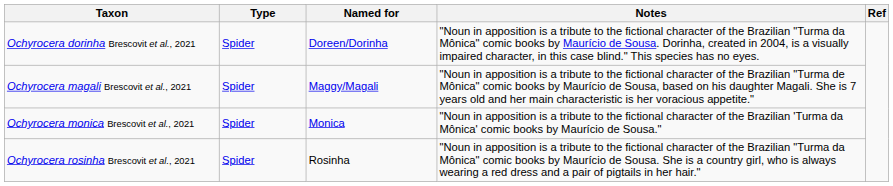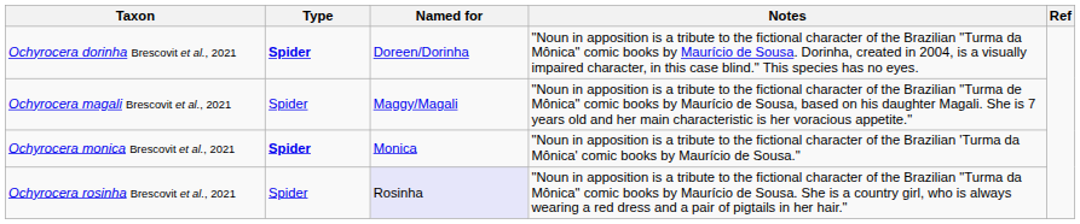 <table class="wikitable sortable" width="100%">
 <tr>
 <th style="width:25%;">Taxon</th>
 <th style="width:10%;">Type</th>
 <th style="width:15%;">Named for</th>
 <th style="width:50%;">Notes</th>
 <th class="unsortable">Ref</th>
 </tr>
 <tr>
 <td><em><a href='#'>Ochyrocera dorinha</a></em> <small>Brescovit <em>et al.</em>, 2021</small></td>
-<td><a href='#'>Spider</a></td>
+<td><strong><a href='#'>Spider</a></strong></td>
 <td><a href='#'>Doreen/Dorinha</a></td>
 <td>"Noun in apposition is a tribute to the fictional character of the Brazilian "Turma da Mônica" comic books by <a href='#'>Maurício de Sousa</a>. Dorinha, created in 2004, is a visually impaired character, in this case blind." This species has no eyes.</td>
 <td rowspan="4"></td>
 </tr>
 <tr>
 <td><em><a href='#'>Ochyrocera magali</a></em> <small>Brescovit <em>et al.</em>, 2021</small></td>
 <td><a href='#'>Spider</a></td>
 <td><a href='#'>Maggy/Magali</a></td>
 <td>"Noun in apposition is a tribute to the fictional character of the Brazilian "Turma de Mônica" comic books by Maurício de Sousa, based on his daughter Magali. She is 7 years old and her main characteristic is her voracious appetite."</td>
 </tr>
 <tr>
 <td><em><a href='#'>Ochyrocera monica</a></em> <small>Brescovit <em>et al.</em>, 2021</small></td>
-<td><a href='#'>Spider</a></td>
+<td><strong><a href='#'>Spider</a></strong></td>
 <td><a href='#'>Monica</a></td>
 <td>"Noun in apposition is a tribute to the fictional character of the Brazilian 'Turma da Mônica' comic books by Maurício de Sousa."</td>
 </tr>
 <tr>
 <td><em><a href='#'>Ochyrocera rosinha</a></em> <small>Brescovit <em>et al.</em>, 2021</small></td>
 <td><a href='#'>Spider</a></td>
-<td>Rosinha</td>
+<td style="background: lavender;">Rosinha</td>
 <td>"Noun in apposition is a tribute to the fictional character of the Brazilian "Turma da Mônica" comic books by Maurício de Sousa. She is a country girl, who is always wearing a red dress and a pair of pigtails in her hair."</td>
 </tr>
 </table>
